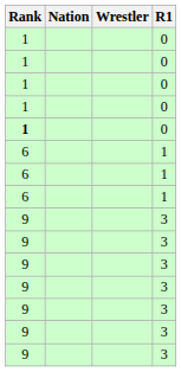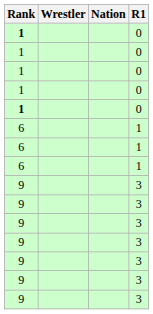 <table class="wikitable sortable" style="text-align:center;">
 <tr>
 <th>Rank</th>
+<th>Wrestler</th>
 <th>Nation</th>
-<th>Wrestler</th>
 <th>R1</th>
 </tr>
 <tr style="background:#cfc;">
-<td>1</td>
+<td><strong>1</strong></td>
 <td align=left></td>
 <td align=left></td>
 <td>0</td>
 </tr>
 <tr style="background:#cfc;">
 <td>1</td>
 <td align=left></td>
 <td align=left></td>
 <td>0</td>
 </tr>
 <tr style="background:#cfc;">
 <td>1</td>
 <td align=left></td>
 <td align=left></td>
 <td>0</td>
 </tr>
 <tr style="background:#cfc;">
 <td>1</td>
 <td align=left></td>
 <td align=left></td>
 <td>0</td>
 </tr>
 <tr style="background:#cfc;">
 <td><strong>1</strong></td>
 <td align=left></td>
 <td align=left></td>
 <td>0</td>
 </tr>
 <tr style="background:#cfc;">
 <td>6</td>
 <td align=left></td>
 <td align=left></td>
 <td>1</td>
 </tr>
 <tr style="background:#cfc;">
 <td>6</td>
 <td align=left></td>
 <td align=left></td>
 <td>1</td>
 </tr>
 <tr style="background:#cfc;">
 <td>6</td>
 <td align=left></td>
 <td align=left></td>
 <td>1</td>
 </tr>
 <tr style="background:#cfc;">
 <td>9</td>
 <td align=left></td>
 <td align=left></td>
 <td>3</td>
 </tr>
 <tr style="background:#cfc;">
 <td>9</td>
 <td align=left></td>
 <td align=left></td>
 <td>3</td>
 </tr>
 <tr style="background:#cfc;">
 <td>9</td>
 <td align=left></td>
 <td align=left></td>
 <td>3</td>
 </tr>
 <tr style="background:#cfc;">
 <td>9</td>
 <td align=left></td>
 <td align=left></td>
 <td>3</td>
 </tr>
 <tr style="background:#cfc;">
 <td>9</td>
 <td align=left></td>
 <td align=left></td>
 <td>3</td>
 </tr>
 <tr style="background:#cfc;">
 <td>9</td>
 <td align=left></td>
 <td align=left></td>
 <td>3</td>
 </tr>
 <tr style="background:#cfc;">
 <td>9</td>
 <td align=left></td>
 <td align=left></td>
 <td>3</td>
 </tr>
 </table>
